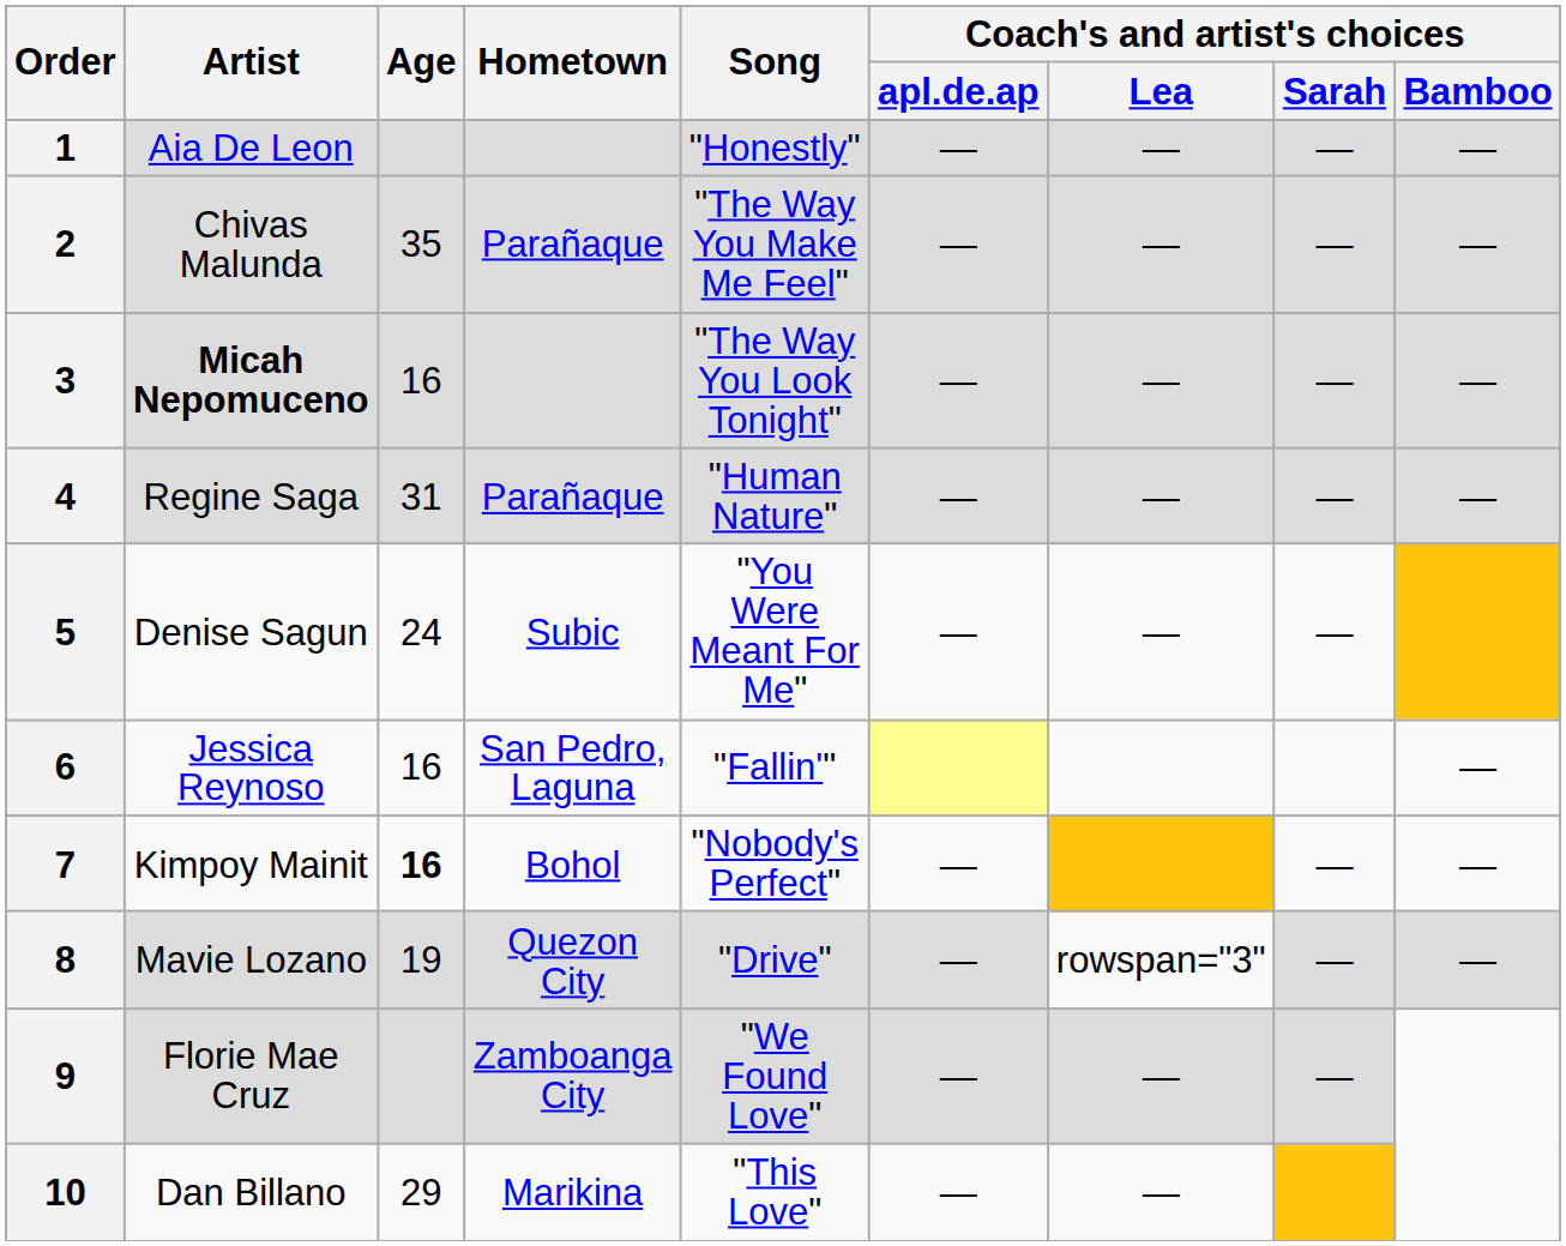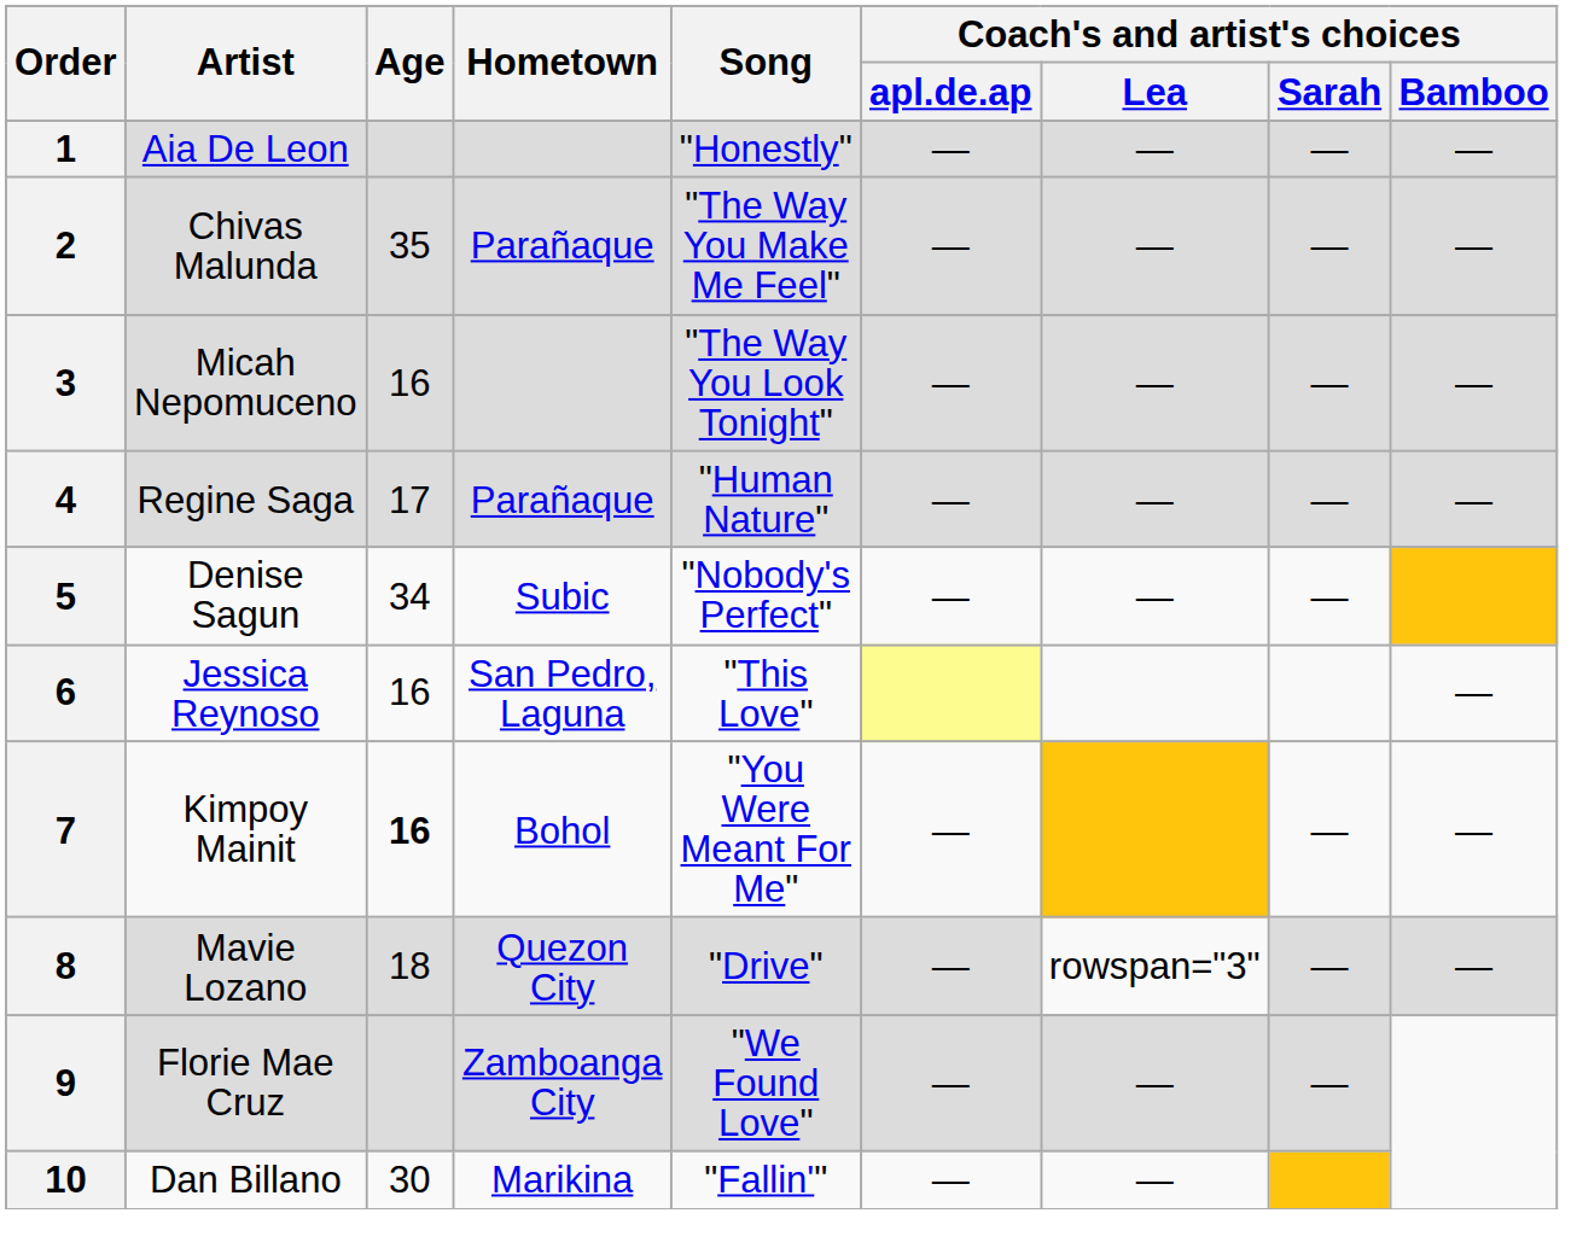 <table class="wikitable" style="text-align:center; line-height:17px; width:100%;">
 <tr>
 <th rowspan="2" scope="col" style="width:04%;">Order</th>
 <th rowspan="2" scope="col" style="width:18%;">Artist</th>
 <th rowspan="2" scope="col" style="width:04%;">Age</th>
 <th rowspan="2" scope="col" style="width:18%;">Hometown</th>
 <th rowspan="2" scope="col" style="width:20%;">Song</th>
 <th colspan="4" scope="col" style="width:24%;">Coach's and artist's choices</th>
 </tr>
 <tr>
 <th style="width:06%;"><a href='#'>apl.de.ap</a></th>
 <th style="width:06%;"><a href='#'>Lea</a></th>
 <th style="width:06%;"><a href='#'>Sarah</a></th>
 <th style="width:06%;"><a href='#'>Bamboo</a></th>
 </tr>
 <tr>
 <th scope="row">1</th>
 <td style="background:#DCDCDC;"><a href='#'>Aia De Leon</a></td>
 <td style="background:#DCDCDC;"></td>
 <td style="background:#DCDCDC;"></td>
 <td style="background:#DCDCDC;">"<a href='#'>Honestly</a>"</td>
 <td style="background:#DCDCDC;">—</td>
 <td style="background:#DCDCDC;">—</td>
 <td style="background:#DCDCDC;">—</td>
 <td style="background:#DCDCDC;">—</td>
 </tr>
 <tr>
 <th scope="row">2</th>
 <td style="background:#DCDCDC;">Chivas Malunda</td>
 <td style="background:#DCDCDC;">35</td>
 <td style="background:#DCDCDC;"><a href='#'>Parañaque</a></td>
 <td style="background:#DCDCDC;">"<a href='#'>The Way You Make Me Feel</a>"</td>
 <td style="background:#DCDCDC;">—</td>
 <td style="background:#DCDCDC;">—</td>
 <td style="background:#DCDCDC;">—</td>
 <td style="background:#DCDCDC;">—</td>
 </tr>
 <tr>
 <th scope="row">3</th>
-<td style="background:#DCDCDC;"><strong>Micah Nepomuceno</strong></td>
+<td style="background:#DCDCDC;">Micah Nepomuceno</td>
 <td style="background:#DCDCDC;">16</td>
 <td style="background:#DCDCDC;"></td>
 <td style="background:#DCDCDC;">"<a href='#'>The Way You Look Tonight</a>"</td>
 <td style="background:#DCDCDC;">—</td>
 <td style="background:#DCDCDC;">—</td>
 <td style="background:#DCDCDC;">—</td>
 <td style="background:#DCDCDC;">—</td>
 </tr>
 <tr>
 <th scope="row">4</th>
 <td style="background:#DCDCDC;">Regine Saga</td>
-<td style="background:#DCDCDC;">31</td>
+<td style="background:#DCDCDC;">17</td>
 <td style="background:#DCDCDC;"><a href='#'>Parañaque</a></td>
 <td style="background:#DCDCDC;">"<a href='#'>Human Nature</a>"</td>
 <td style="background:#DCDCDC;">—</td>
 <td style="background:#DCDCDC;">—</td>
 <td style="background:#DCDCDC;">—</td>
 <td style="background:#DCDCDC;">—</td>
 </tr>
 <tr>
 <th scope="row">5</th>
 <td>Denise Sagun</td>
-<td>24</td>
+<td>34</td>
 <td><a href='#'>Subic</a></td>
-<td>"<a href='#'>You Were Meant For Me</a>"</td>
+<td>"<a href='#'>Nobody's Perfect</a>"</td>
 <td>—</td>
 <td>—</td>
 <td>—</td>
 <td style="background:#FFC40C;"><strong></strong></td>
 </tr>
 <tr>
 <th scope="row">6</th>
 <td><a href='#'>Jessica Reynoso</a></td>
 <td>16</td>
 <td><a href='#'>San Pedro, Laguna</a></td>
-<td>"<a href='#'>Fallin'</a>"</td>
+<td>"<a href='#'>This Love</a>"</td>
 <td style="background:#fdfc8f;"><strong></strong></td>
 <td><strong></strong></td>
 <td><strong></strong></td>
 <td>—</td>
 </tr>
 <tr>
 <th scope="row">7</th>
 <td>Kimpoy Mainit</td>
 <td><strong>16</strong></td>
 <td><a href='#'>Bohol</a></td>
-<td>"<a href='#'>Nobody's Perfect</a>"</td>
+<td>"<a href='#'>You Were Meant For Me</a>"</td>
 <td>—</td>
 <td style="background:#FFC40C;"><strong></strong></td>
 <td>—</td>
 <td>—</td>
 </tr>
 <tr>
 <th scope="row">8</th>
 <td style="background:#DCDCDC;">Mavie Lozano</td>
-<td style="background:#DCDCDC;">19</td>
+<td style="background:#DCDCDC;">18</td>
 <td style="background:#DCDCDC;"><a href='#'>Quezon City</a></td>
 <td style="background:#DCDCDC;">"<a href='#'>Drive</a>"</td>
 <td style="background:#DCDCDC;">—</td>
 <td>rowspan="3" </td>
 <td style="background:#DCDCDC;">—</td>
 <td style="background:#DCDCDC;">—</td>
 </tr>
 <tr>
 <th scope="row">9</th>
 <td style="background:#DCDCDC;">Florie Mae Cruz</td>
 <td style="background:#DCDCDC;"></td>
 <td style="background:#DCDCDC;"><a href='#'>Zamboanga City</a></td>
 <td style="background:#DCDCDC;">"<a href='#'>We Found Love</a>"</td>
 <td style="background:#DCDCDC;">—</td>
 <td style="background:#DCDCDC;">—</td>
 <td style="background:#DCDCDC;">—</td>
 </tr>
 <tr>
 <th scope="row">10</th>
 <td>Dan Billano</td>
-<td>29</td>
+<td>30</td>
 <td><a href='#'>Marikina</a></td>
-<td>"<a href='#'>This Love</a>"</td>
+<td>"<a href='#'>Fallin'</a>"</td>
 <td>—</td>
 <td>—</td>
 <td style="background:#FFC40C;"><strong></strong></td>
 </tr>
 <tr>
 </tr>
 </table>
